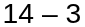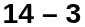 <table style="text-align:center">
 <tr>
 <th width=200></th>
 <th width=100></th>
 <th width=200></th>
 </tr>
 <tr>
 <td align=right><strong></strong></td>
-<td>14 – 3</td>
+<td><strong>14 – 3</strong></td>
 <td align=left></td>
 </tr>
 <tr>
 </tr>
 </table>
